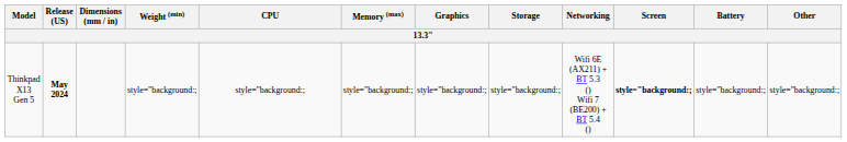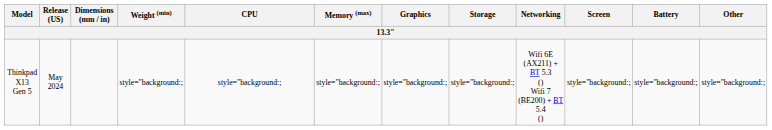 <table class="wikitable" style="font-size: 80%; text-align: center; min-width: 80%;">
 <tr>
 <th>Model</th>
 <th>Release (US)</th>
 <th>Dimensions (mm / in)</th>
 <th>Weight <sup>(min)</sup></th>
 <th style="width:17%">CPU</th>
 <th>Memory <sup>(max)</sup></th>
 <th>Graphics</th>
 <th>Storage</th>
 <th>Networking</th>
 <th>Screen</th>
 <th>Battery</th>
 <th>Other</th>
 </tr>
 <tr>
 <th colspan=12>13.3"</th>
 </tr>
 <tr>
 <td>Thinkpad X13<br>Gen 5 </td>
-<td><strong>May 2024</strong></td>
+<td>May 2024</td>
 <td></td>
 <td>style="background:;</td>
 <td>style="background:; </td>
 <td>style="background:;</td>
 <td>style="background:;</td>
 <td>style="background:;</td>
 <td><br>Wifi 6E (AX211) + <a href='#'>BT</a> 5.3 <br>()<br>Wifi 7 (BE200) + <a href='#'>BT</a> 5.4 <br>()<br></td>
-<td><strong>style="background:;</strong></td>
+<td>style="background:;</td>
 <td>style="background:;</td>
 <td>style="background:;</td>
 </tr>
 </table>
